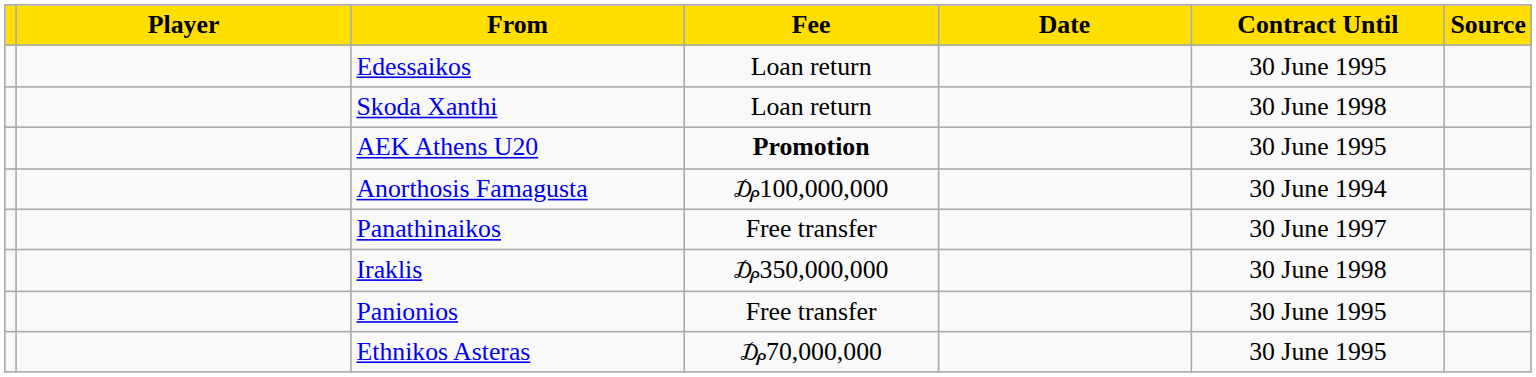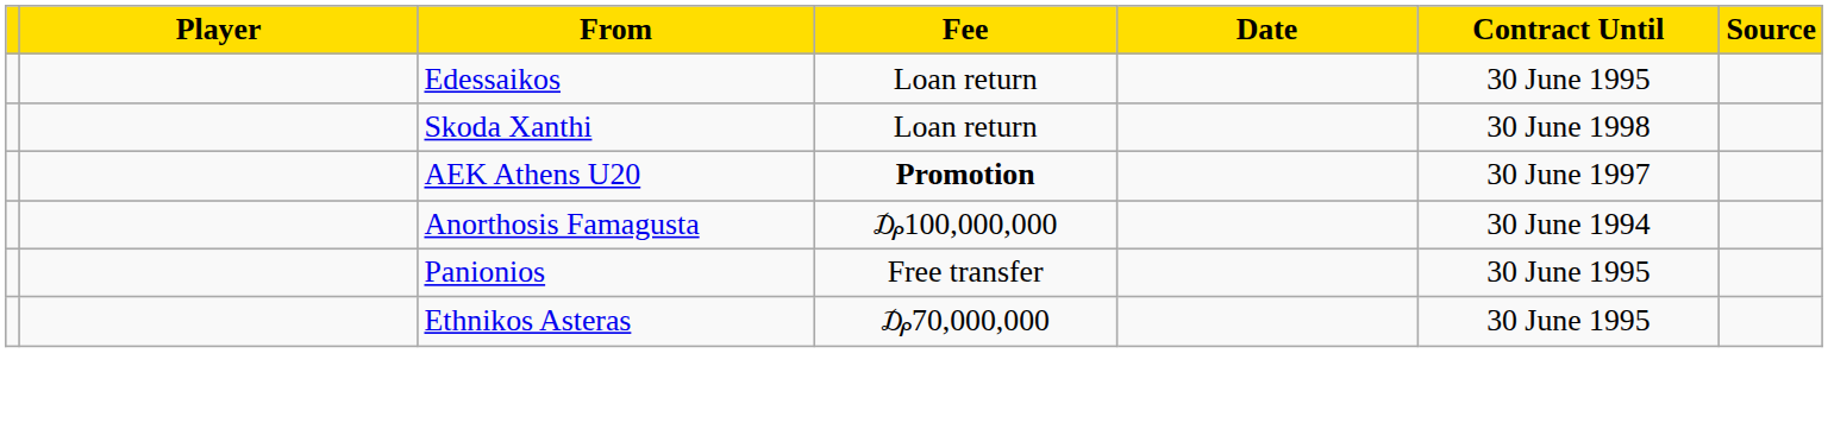 <table class="wikitable sortable">
 <tr>
 <th style="background:#FFDE00"></th>
 <th width=200 style="background:#FFDE00">Player</th>
 <th width=200 style="background:#FFDE00">From</th>
 <th width=150 style="background:#FFDE00">Fee</th>
 <th width=150 style="background:#FFDE00">Date</th>
 <th width=150 style="background:#FFDE00">Contract Until</th>
 <th style="background:#FFDE00">Source</th>
 </tr>
 <tr>
 <td align=center></td>
 <td></td>
 <td> <a href='#'>Edessaikos</a></td>
 <td align=center>Loan return</td>
 <td align=center></td>
 <td align=center>30 June 1995</td>
 <td align=center></td>
 </tr>
 <tr>
 <td align=center></td>
 <td></td>
 <td> <a href='#'>Skoda Xanthi</a></td>
 <td align=center>Loan return</td>
 <td align=center></td>
 <td align=center>30 June 1998</td>
 <td align=center></td>
 </tr>
 <tr>
 <td align=center></td>
 <td></td>
 <td> <a href='#'>AEK Athens U20</a></td>
 <td align=center><strong>Promotion</strong></td>
 <td align=center></td>
-<td align=center>30 June 1995</td>
+<td align=center>30 June 1997</td>
 <td align=center></td>
 </tr>
 <tr>
 <td align=center></td>
 <td></td>
 <td> <a href='#'>Anorthosis Famagusta</a></td>
 <td align=center>₯100,000,000</td>
 <td align=center></td>
 <td align=center>30 June 1994</td>
-<td align=center></td>
-</tr>
-<tr>
-<td align=center></td>
-<td></td>
-<td> <a href='#'>Panathinaikos</a></td>
-<td align=center>Free transfer</td>
-<td align=center></td>
-<td align=center>30 June 1997</td>
-<td align=center></td>
-</tr>
-<tr>
-<td align=center></td>
-<td></td>
-<td> <a href='#'>Iraklis</a></td>
-<td align=center>₯350,000,000</td>
-<td align=center></td>
-<td align=center>30 June 1998</td>
 <td align=center></td>
 </tr>
 <tr>
 <td align=center></td>
 <td></td>
 <td> <a href='#'>Panionios</a></td>
 <td align=center>Free transfer</td>
 <td align=center></td>
 <td align=center>30 June 1995</td>
 <td align=center></td>
 </tr>
 <tr>
 <td align=center></td>
 <td></td>
 <td> <a href='#'>Ethnikos Asteras</a></td>
 <td align=center>₯70,000,000</td>
 <td align=center></td>
 <td align=center>30 June 1995</td>
 <td align=center></td>
 </tr>
 </table>
